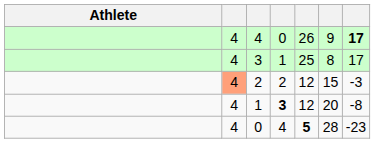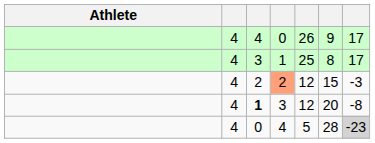 <table class="wikitable" style="text-align:center;">
 <tr>
 <th width=240>Athlete</th>
 <th width=20></th>
 <th width=20></th>
 <th width=20></th>
 <th width=20></th>
 <th width=20></th>
 <th width=20></th>
 </tr>
 <tr bgcolor=ccffcc>
 <td align="left"></td>
 <td>4</td>
 <td>4</td>
 <td>0</td>
 <td>26</td>
 <td>9</td>
-<td><strong>17</strong></td>
+<td>17</td>
 </tr>
 <tr bgcolor=ccffcc>
 <td align="left"></td>
 <td>4</td>
 <td>3</td>
 <td>1</td>
 <td>25</td>
 <td>8</td>
 <td>17</td>
 </tr>
 <tr>
 <td align="left"></td>
-<td style="background: lightsalmon;">4</td>
+<td>4</td>
 <td>2</td>
-<td>2</td>
+<td style="background: lightsalmon;">2</td>
 <td>12</td>
 <td>15</td>
 <td>-3</td>
 </tr>
 <tr>
 <td align="left"></td>
 <td>4</td>
-<td>1</td>
-<td><strong>3</strong></td>
+<td><strong>1</strong></td>
+<td>3</td>
 <td>12</td>
 <td>20</td>
 <td>-8</td>
 </tr>
 <tr>
 <td align="left"></td>
 <td>4</td>
 <td>0</td>
 <td>4</td>
-<td><strong>5</strong></td>
+<td>5</td>
 <td>28</td>
-<td>-23</td>
+<td style="background: lightgrey;">-23</td>
 </tr>
 </table>
